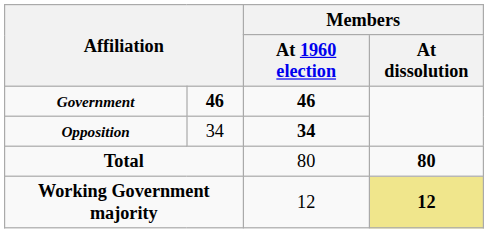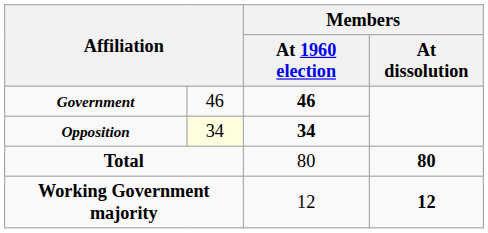 <table class="wikitable" border="1" style="font-size:95%; width:300pt; text-align:center">
 <tr>
 <th colspan="2" rowspan="2" style="text-align:center;vertical-align:middle; ">Affiliation</th>
 <th colspan="2" style="vertical-align:top;">Members</th>
 </tr>
 <tr>
 <th>At <a href='#'>1960 election</a></th>
 <th>At dissolution</th>
 </tr>
 <tr>
 <td> <small><strong><em>Government</em></strong></small></td>
-<td><strong>46</strong></td>
+<td>46</td>
 <td><strong>46</strong></td>
 </tr>
 <tr>
 <td> <small><strong><em>Opposition</em></strong></small></td>
-<td>34</td>
+<td style="background: lightyellow;">34</td>
 <td><strong>34</strong></td>
 </tr>
 <tr>
 <td colspan="2" rowspan="1"><strong>Total</strong><br></td>
 <td>80</td>
 <td><strong>80</strong></td>
 </tr>
 <tr>
 <td colspan="2" rowspan="1"><strong>Working Government majority</strong></td>
 <td>12</td>
-<td style="background: khaki;"><strong>12</strong></td>
+<td><strong>12</strong></td>
 </tr>
 </table>
